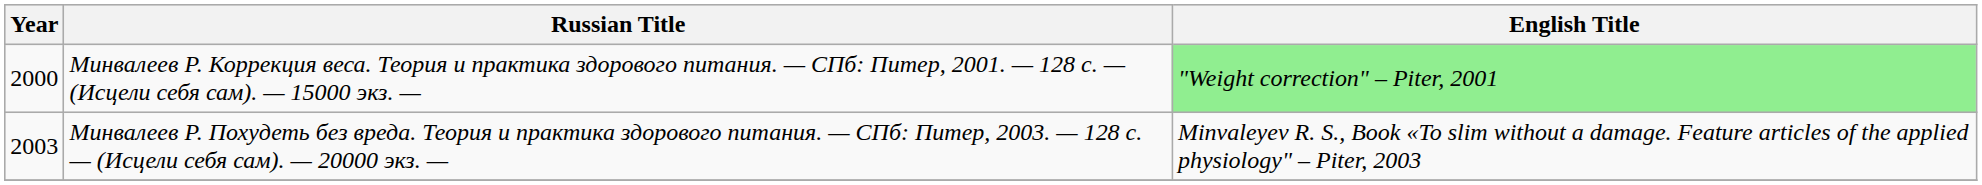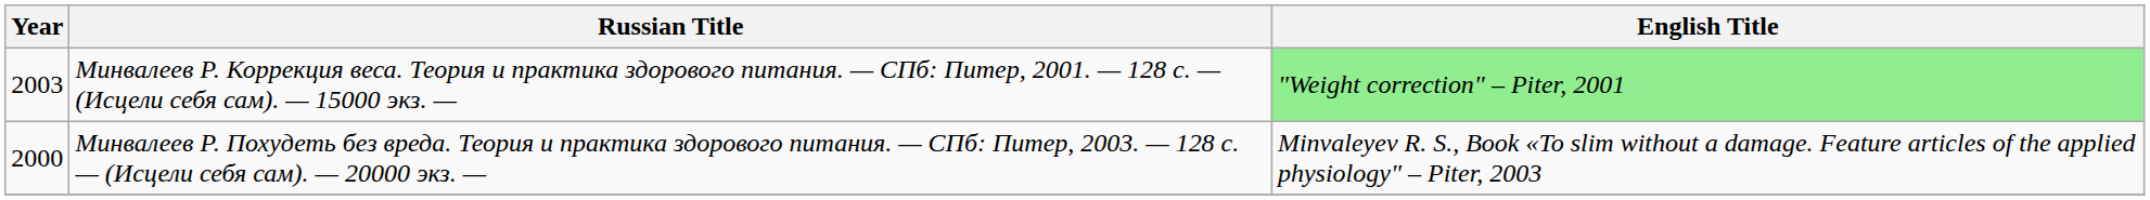 <table class="wikitable" style="font-size: 95%;">
 <tr>
 <th>Year</th>
 <th>Russian Title</th>
 <th>English Title</th>
 </tr>
 <tr>
-<td>2000</td>
+<td>2003</td>
 <td><em>Минвалеев Р. Коррекция веса. Теория и практика здорового питания. — СПб: Питер, 2001. — 128 с. — (Исцели себя сам). — 15000 экз. — </em></td>
 <td style="background: lightgreen;"><em>"Weight correction" – Piter, 2001</em></td>
 </tr>
 <tr>
-<td>2003</td>
+<td>2000</td>
 <td><em>Минвалеев Р. Похудеть без вреда. Теория и практика здорового питания. — СПб: Питер, 2003. — 128 с. — (Исцели себя сам). — 20000 экз. — </em></td>
 <td><em>Minvaleyev R. S., Book «To slim without a damage. Feature articles of the applied physiology"  – Piter, 2003</em></td>
 </tr>
 <tr>
 </tr>
 </table>
